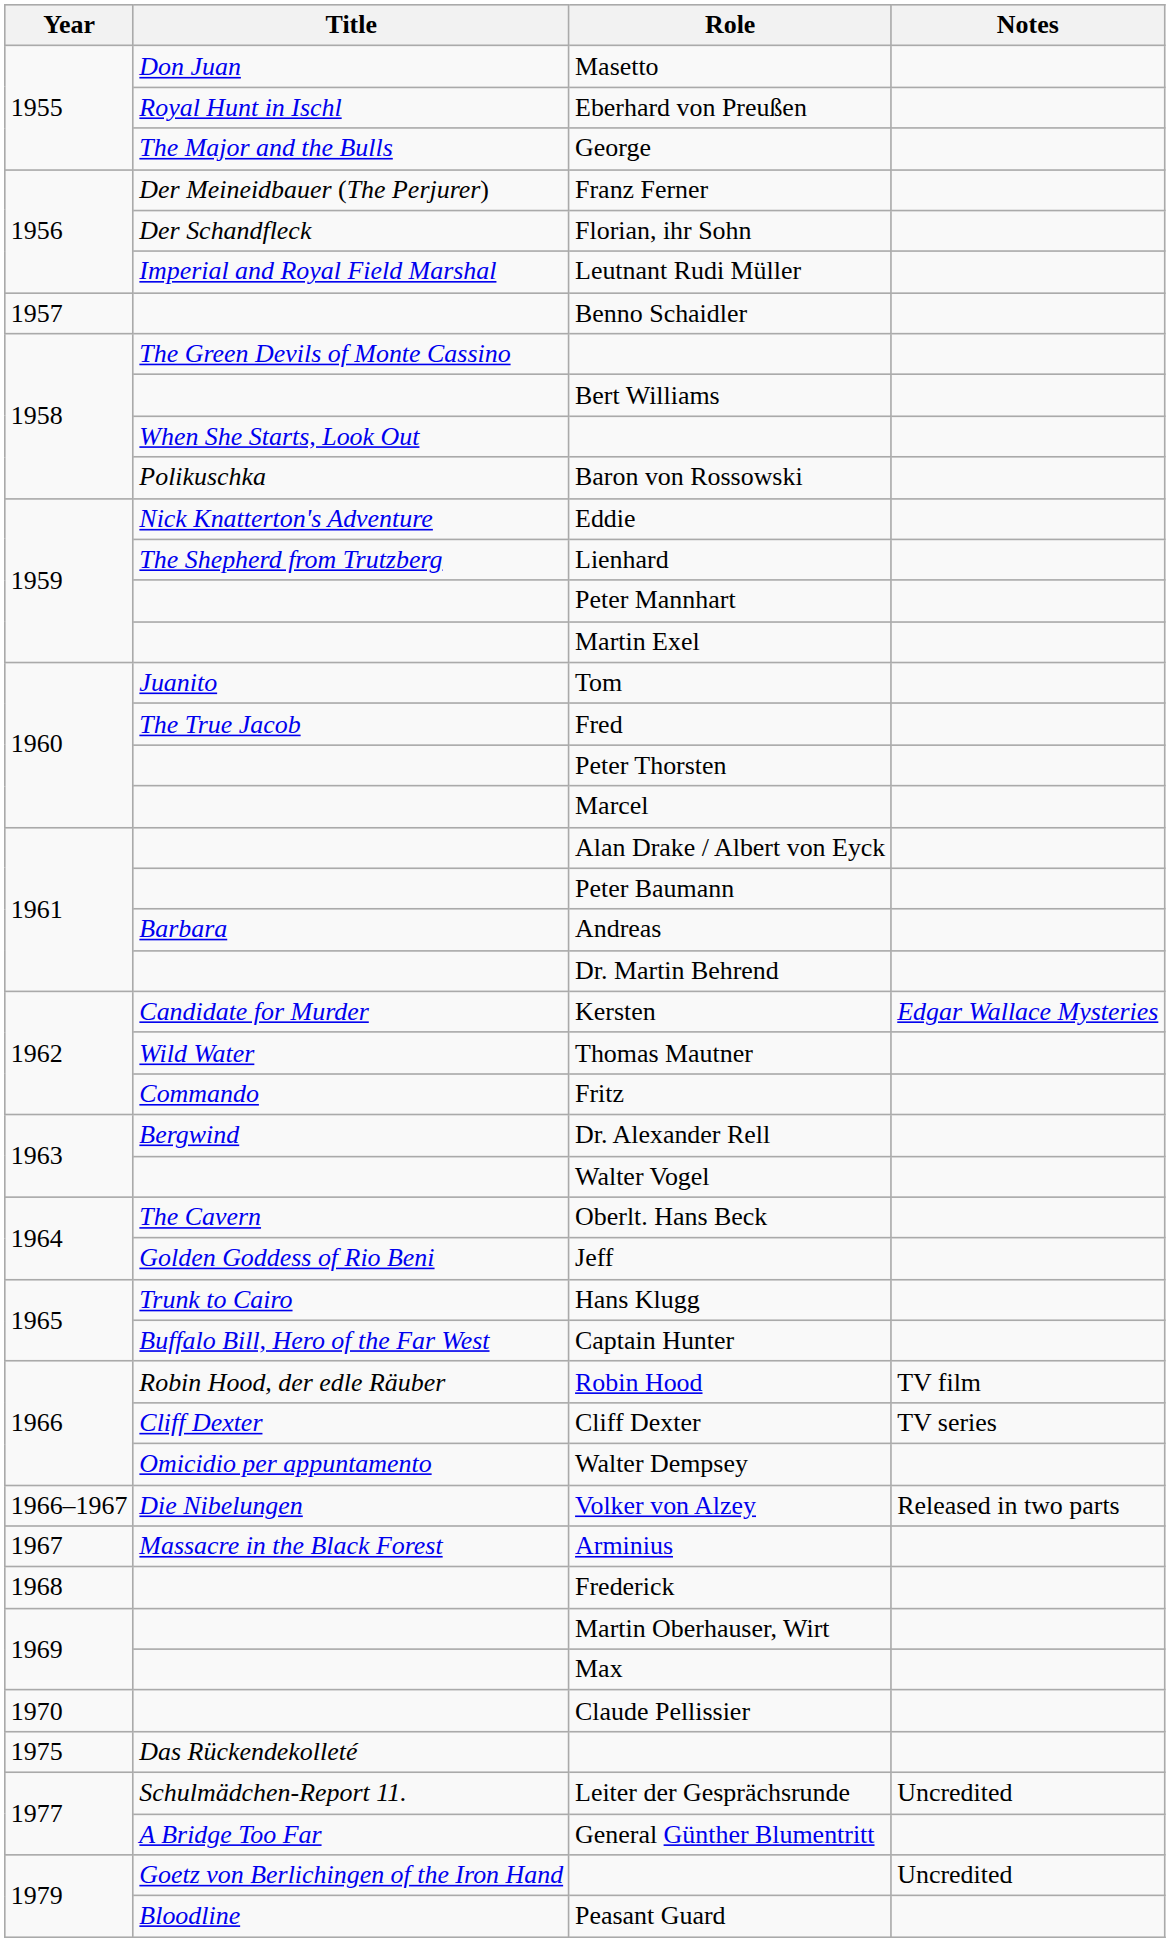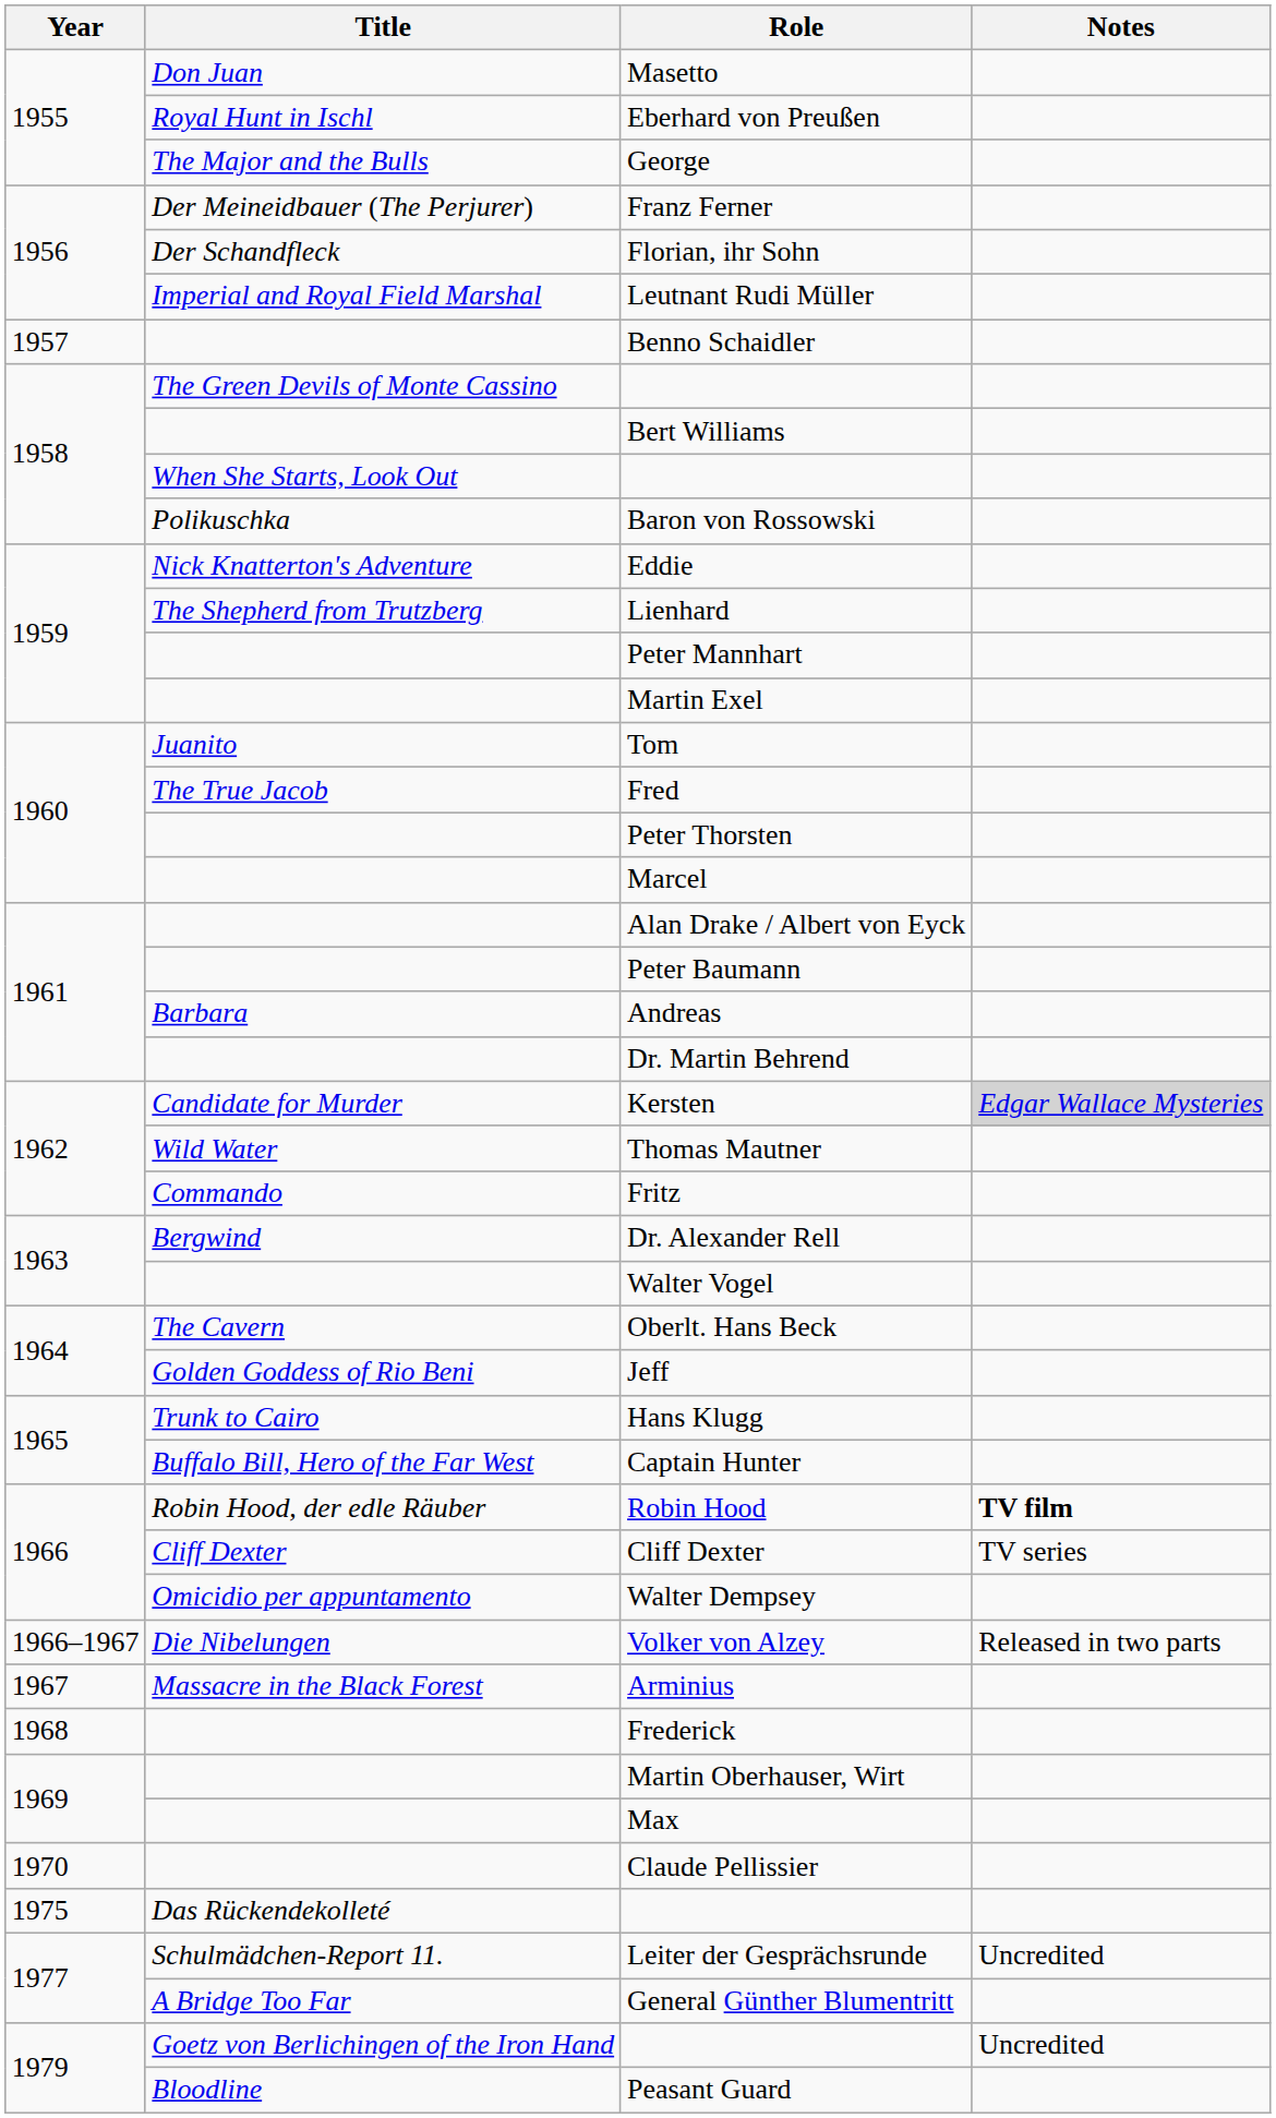 <table class="wikitable sortable">
 <tr>
 <th>Year</th>
 <th>Title</th>
 <th>Role</th>
 <th class="unsortable">Notes</th>
 </tr>
 <tr>
 <td rowspan=3>1955</td>
 <td><em><a href='#'>Don Juan</a></em></td>
 <td>Masetto</td>
 <td></td>
 </tr>
 <tr>
 <td><em><a href='#'>Royal Hunt in Ischl</a></em></td>
 <td>Eberhard von Preußen</td>
 <td></td>
 </tr>
 <tr>
 <td><em><a href='#'>The Major and the Bulls</a></em></td>
 <td>George</td>
 <td></td>
 </tr>
 <tr>
 <td rowspan=3>1956</td>
 <td><em>Der Meineidbauer</em> (<em>The Perjurer</em>)</td>
 <td>Franz Ferner</td>
 <td></td>
 </tr>
 <tr>
 <td><em>Der Schandfleck</em></td>
 <td>Florian, ihr Sohn</td>
 <td></td>
 </tr>
 <tr>
 <td><em><a href='#'>Imperial and Royal Field Marshal</a></em></td>
 <td>Leutnant Rudi Müller</td>
 <td></td>
 </tr>
 <tr>
 <td>1957</td>
 <td><em></em></td>
 <td>Benno Schaidler</td>
 <td></td>
 </tr>
 <tr>
 <td rowspan=4>1958</td>
 <td><em><a href='#'>The Green Devils of Monte Cassino</a></em></td>
 <td></td>
 <td></td>
 </tr>
 <tr>
 <td><em></em></td>
 <td>Bert Williams</td>
 <td></td>
 </tr>
 <tr>
 <td><em><a href='#'>When She Starts, Look Out</a></em></td>
 <td></td>
 <td></td>
 </tr>
 <tr>
 <td><em>Polikuschka</em></td>
 <td>Baron von Rossowski</td>
 <td></td>
 </tr>
 <tr>
 <td rowspan=4>1959</td>
 <td><em><a href='#'>Nick Knatterton's Adventure</a></em></td>
 <td>Eddie</td>
 <td></td>
 </tr>
 <tr>
 <td><em><a href='#'>The Shepherd from Trutzberg</a></em></td>
 <td>Lienhard</td>
 <td></td>
 </tr>
 <tr>
 <td><em></em></td>
 <td>Peter Mannhart</td>
 <td></td>
 </tr>
 <tr>
 <td><em></em></td>
 <td>Martin Exel</td>
 <td></td>
 </tr>
 <tr>
 <td rowspan=4>1960</td>
 <td><em><a href='#'>Juanito</a></em></td>
 <td>Tom</td>
 <td></td>
 </tr>
 <tr>
 <td><em><a href='#'>The True Jacob</a></em></td>
 <td>Fred</td>
 <td></td>
 </tr>
 <tr>
 <td><em></em></td>
 <td>Peter Thorsten</td>
 <td></td>
 </tr>
 <tr>
 <td><em></em></td>
 <td>Marcel</td>
 <td></td>
 </tr>
 <tr>
 <td rowspan=4>1961</td>
 <td><em></em></td>
 <td>Alan Drake / Albert von Eyck</td>
 <td></td>
 </tr>
 <tr>
 <td><em></em></td>
 <td>Peter Baumann</td>
 <td></td>
 </tr>
 <tr>
 <td><em><a href='#'>Barbara</a></em></td>
 <td>Andreas</td>
 <td></td>
 </tr>
 <tr>
 <td><em></em></td>
 <td>Dr. Martin Behrend</td>
 <td></td>
 </tr>
 <tr>
 <td rowspan=3>1962</td>
 <td><em><a href='#'>Candidate for Murder</a></em></td>
 <td>Kersten</td>
-<td><em><a href='#'>Edgar Wallace Mysteries</a></em></td>
+<td style="background: lightgrey;"><em><a href='#'>Edgar Wallace Mysteries</a></em></td>
 </tr>
 <tr>
 <td><em><a href='#'>Wild Water</a></em></td>
 <td>Thomas Mautner</td>
 <td></td>
 </tr>
 <tr>
 <td><em><a href='#'>Commando</a></em></td>
 <td>Fritz</td>
 <td></td>
 </tr>
 <tr>
 <td rowspan=2>1963</td>
 <td><em><a href='#'>Bergwind</a></em></td>
 <td>Dr. Alexander Rell</td>
 <td></td>
 </tr>
 <tr>
 <td><em></em></td>
 <td>Walter Vogel</td>
 <td></td>
 </tr>
 <tr>
 <td rowspan=2>1964</td>
 <td><em><a href='#'>The Cavern</a></em></td>
 <td>Oberlt. Hans Beck</td>
 <td></td>
 </tr>
 <tr>
 <td><em><a href='#'>Golden Goddess of Rio Beni</a></em></td>
 <td>Jeff</td>
 <td></td>
 </tr>
 <tr>
 <td rowspan=2>1965</td>
 <td><em><a href='#'>Trunk to Cairo</a></em></td>
 <td>Hans Klugg</td>
 <td></td>
 </tr>
 <tr>
 <td><em><a href='#'>Buffalo Bill, Hero of the Far West</a></em></td>
 <td>Captain Hunter</td>
 <td></td>
 </tr>
 <tr>
 <td rowspan=3>1966</td>
 <td><em>Robin Hood, der edle Räuber</em></td>
 <td><a href='#'>Robin Hood</a></td>
-<td>TV film</td>
+<td><strong>TV film</strong></td>
 </tr>
 <tr>
 <td><em><a href='#'>Cliff Dexter</a></em></td>
 <td>Cliff Dexter</td>
 <td>TV series</td>
 </tr>
 <tr>
 <td><em><a href='#'>Omicidio per appuntamento</a></em></td>
 <td>Walter Dempsey</td>
 <td></td>
 </tr>
 <tr>
 <td>1966–1967</td>
 <td><em><a href='#'>Die Nibelungen</a></em></td>
 <td><a href='#'>Volker von Alzey</a></td>
 <td>Released in two parts</td>
 </tr>
 <tr>
 <td>1967</td>
 <td><em><a href='#'>Massacre in the Black Forest</a></em></td>
 <td><a href='#'>Arminius</a></td>
 <td></td>
 </tr>
 <tr>
 <td>1968</td>
 <td><em></em></td>
 <td>Frederick</td>
 <td></td>
 </tr>
 <tr>
 <td rowspan=2>1969</td>
 <td><em></em></td>
 <td>Martin Oberhauser, Wirt</td>
 <td></td>
 </tr>
 <tr>
 <td><em></em></td>
 <td>Max</td>
 <td></td>
 </tr>
 <tr>
 <td>1970</td>
 <td><em></em></td>
 <td>Claude Pellissier</td>
 <td></td>
 </tr>
 <tr>
 <td>1975</td>
 <td><em>Das Rückendekolleté</em></td>
 <td></td>
 <td></td>
 </tr>
 <tr>
 <td rowspan=2>1977</td>
 <td><em>Schulmädchen-Report 11.</em></td>
 <td>Leiter der Gesprächsrunde</td>
 <td>Uncredited</td>
 </tr>
 <tr>
 <td><em><a href='#'>A Bridge Too Far</a></em></td>
 <td>General <a href='#'>Günther Blumentritt</a></td>
 <td></td>
 </tr>
 <tr>
 <td rowspan=2>1979</td>
 <td><em><a href='#'>Goetz von Berlichingen of the Iron Hand</a></em></td>
 <td></td>
 <td>Uncredited</td>
 </tr>
 <tr>
 <td><em><a href='#'>Bloodline</a></em></td>
 <td>Peasant Guard</td>
 <td></td>
 </tr>
 <tr>
 </tr>
 </table>
